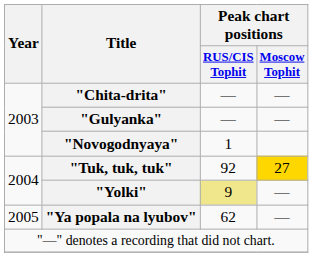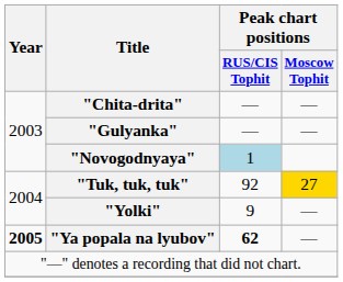 <table class="wikitable plainrowheaders" style="text-align:center;" border="1">
 <tr>
 <th scope="col" rowspan="2">Year</th>
 <th scope="col" rowspan="2">Title</th>
 <th scope="col" colspan="2">Peak chart positions</th>
 </tr>
 <tr style="font-size:smaller;">
 <th width="45"><a href='#'>RUS/CIS<br>Tophit</a><br></th>
 <th width="30"><a href='#'>Moscow<br>Tophit</a><br></th>
 </tr>
 <tr>
 <td rowspan="3">2003</td>
 <th scope="row">"Chita-drita"</th>
 <td>—</td>
 <td>—</td>
 </tr>
 <tr>
 <th scope="row">"Gulyanka"</th>
 <td>—</td>
 <td>—</td>
 </tr>
 <tr>
 <th scope="row">"Novogodnyaya"</th>
-<td>1</td>
+<td style="background: lightblue;">1</td>
 <td></td>
 </tr>
 <tr>
 <td rowspan="2">2004</td>
 <th scope="row">"Tuk, tuk, tuk"</th>
 <td>92</td>
 <td style="background: gold;">27</td>
 </tr>
 <tr>
 <th scope="row">"Yolki"</th>
-<td style="background: khaki;">9</td>
+<td>9</td>
 <td>—</td>
 </tr>
 <tr>
-<td>2005</td>
+<td><strong>2005</strong></td>
 <th scope="row">"Ya popala na lyubov"</th>
-<td>62</td>
+<td><strong>62</strong></td>
 <td>—</td>
 </tr>
 <tr>
 <td colspan="5" style="font-size:90%">"—" denotes a recording that did not chart.</td>
 </tr>
 <tr>
 </tr>
 </table>
